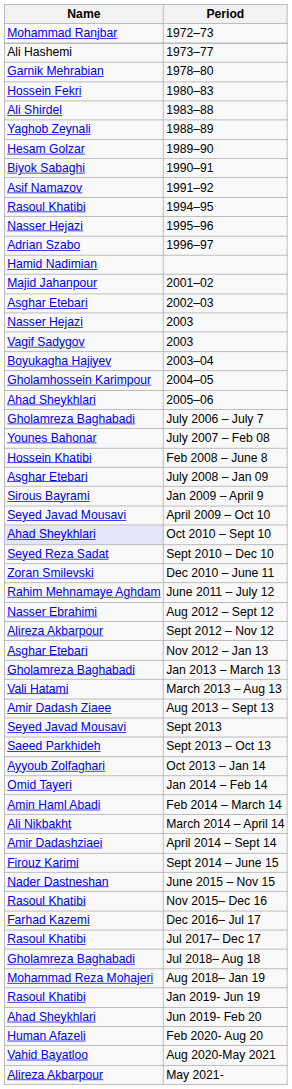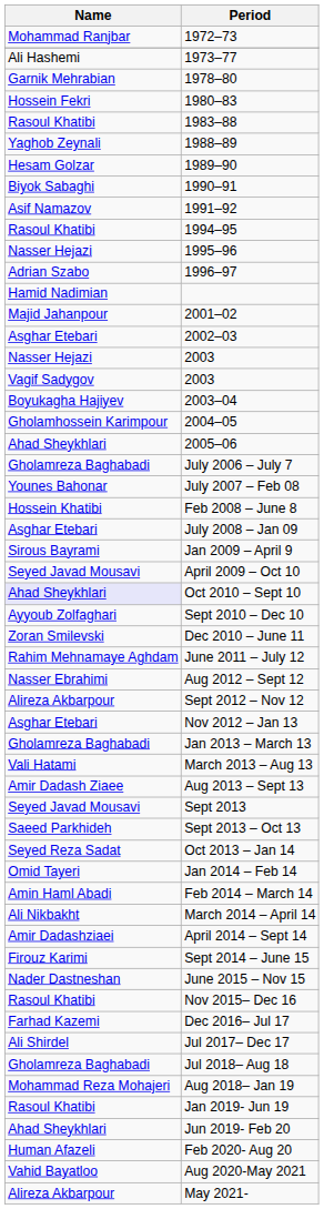 <table class="wikitable">
 <tr>
 <th>Name</th>
 <th>Period</th>
 </tr>
 <tr>
 <td> <a href='#'>Mohammad Ranjbar</a></td>
 <td>1972–73</td>
 </tr>
 <tr>
 </tr>
 <tr>
 <td> Ali Hashemi</td>
 <td>1973–77</td>
 </tr>
 <tr>
 <td> <a href='#'>Garnik Mehrabian</a></td>
 <td>1978–80</td>
 </tr>
 <tr>
 <td> <a href='#'>Hossein Fekri</a></td>
 <td>1980–83</td>
 </tr>
 <tr>
-<td> <a href='#'>Ali Shirdel</a></td>
+<td> <a href='#'>Rasoul Khatibi</a></td>
 <td>1983–88</td>
 </tr>
 <tr>
 <td> <a href='#'>Yaghob Zeynali</a></td>
 <td>1988–89</td>
 </tr>
 <tr>
 <td> <a href='#'>Hesam Golzar</a></td>
 <td>1989–90</td>
 </tr>
 <tr>
 <td> <a href='#'>Biyok Sabaghi</a></td>
 <td>1990–91</td>
 </tr>
 <tr>
 <td> <a href='#'>Asif Namazov</a></td>
 <td>1991–92</td>
 </tr>
 <tr>
 <td> <a href='#'>Rasoul Khatibi</a></td>
 <td>1994–95</td>
 </tr>
 <tr>
 <td> <a href='#'>Nasser Hejazi</a></td>
 <td>1995–96</td>
 </tr>
 <tr>
 <td> <a href='#'>Adrian Szabo</a></td>
 <td>1996–97</td>
 </tr>
 <tr>
 <td> <a href='#'>Hamid Nadimian</a></td>
 <td></td>
 </tr>
 <tr>
 <td> <a href='#'>Majid Jahanpour</a></td>
 <td>2001–02</td>
 </tr>
 <tr>
 <td> <a href='#'>Asghar Etebari</a></td>
 <td>2002–03</td>
 </tr>
 <tr>
 <td> <a href='#'>Nasser Hejazi</a></td>
 <td>2003</td>
 </tr>
 <tr>
 <td> <a href='#'>Vagif Sadygov</a></td>
 <td>2003</td>
 </tr>
 <tr>
 <td> <a href='#'>Boyukagha Hajiyev</a></td>
 <td>2003–04</td>
 </tr>
 <tr>
 <td> <a href='#'>Gholamhossein Karimpour</a></td>
 <td>2004–05</td>
 </tr>
 <tr>
 <td> <a href='#'>Ahad Sheykhlari</a></td>
 <td>2005–06</td>
 </tr>
 <tr>
 <td> <a href='#'>Gholamreza Baghabadi</a></td>
 <td>July 2006 – July 7</td>
 </tr>
 <tr>
 <td> <a href='#'>Younes Bahonar</a></td>
 <td>July 2007 – Feb 08</td>
 </tr>
 <tr>
 <td> <a href='#'>Hossein Khatibi</a></td>
 <td>Feb 2008 – June 8</td>
 </tr>
 <tr>
 <td> <a href='#'>Asghar Etebari</a></td>
 <td>July 2008 – Jan 09</td>
 </tr>
 <tr>
 <td> <a href='#'>Sirous Bayrami</a></td>
 <td>Jan 2009 – April 9</td>
 </tr>
 <tr>
 <td> <a href='#'>Seyed Javad Mousavi</a></td>
 <td>April 2009 – Oct 10</td>
 </tr>
 <tr>
 <td style="background: lavender;"> <a href='#'>Ahad Sheykhlari</a></td>
 <td>Oct 2010 – Sept 10</td>
 </tr>
 <tr>
-<td> <a href='#'>Seyed Reza Sadat</a></td>
+<td> <a href='#'>Ayyoub Zolfaghari</a></td>
 <td>Sept 2010 – Dec 10</td>
 </tr>
 <tr>
 <td> <a href='#'>Zoran Smilevski</a></td>
 <td>Dec 2010 – June 11</td>
 </tr>
 <tr>
 <td> <a href='#'>Rahim Mehnamaye Aghdam</a></td>
 <td>June 2011 – July 12</td>
 </tr>
 <tr>
 <td> <a href='#'>Nasser Ebrahimi</a></td>
 <td>Aug 2012 – Sept 12</td>
 </tr>
 <tr>
 <td> <a href='#'>Alireza Akbarpour</a></td>
 <td>Sept 2012 – Nov 12</td>
 </tr>
 <tr>
 <td> <a href='#'>Asghar Etebari</a></td>
 <td>Nov 2012 – Jan 13</td>
 </tr>
 <tr>
 <td> <a href='#'>Gholamreza Baghabadi</a></td>
 <td>Jan 2013 – March 13</td>
 </tr>
 <tr>
 <td> <a href='#'>Vali Hatami</a></td>
 <td>March 2013 – Aug 13</td>
 </tr>
 <tr>
 <td> <a href='#'>Amir Dadash Ziaee</a></td>
 <td>Aug 2013 – Sept 13</td>
 </tr>
 <tr>
 <td> <a href='#'>Seyed Javad Mousavi</a></td>
 <td>Sept 2013</td>
 </tr>
 <tr>
 <td> <a href='#'>Saeed Parkhideh</a></td>
 <td>Sept 2013 – Oct 13</td>
 </tr>
 <tr>
-<td> <a href='#'>Ayyoub Zolfaghari</a></td>
+<td> <a href='#'>Seyed Reza Sadat</a></td>
 <td>Oct 2013 – Jan 14</td>
 </tr>
 <tr>
 <td> <a href='#'>Omid Tayeri</a></td>
 <td>Jan 2014 – Feb 14</td>
 </tr>
 <tr>
 <td> <a href='#'>Amin Haml Abadi</a></td>
 <td>Feb 2014 – March 14</td>
 </tr>
 <tr>
 <td> <a href='#'>Ali Nikbakht</a></td>
 <td>March 2014 – April 14</td>
 </tr>
 <tr>
 <td> <a href='#'>Amir Dadashziaei</a></td>
 <td>April 2014 – Sept 14</td>
 </tr>
 <tr>
 <td> <a href='#'>Firouz Karimi</a></td>
 <td>Sept 2014 – June 15</td>
 </tr>
 <tr>
 <td> <a href='#'>Nader Dastneshan</a></td>
 <td>June 2015 – Nov 15</td>
 </tr>
 <tr>
 <td> <a href='#'>Rasoul Khatibi</a></td>
 <td>Nov 2015– Dec 16</td>
 </tr>
 <tr>
 <td> <a href='#'>Farhad Kazemi</a></td>
 <td>Dec 2016– Jul 17</td>
 </tr>
 <tr>
-<td> <a href='#'>Rasoul Khatibi</a></td>
+<td> <a href='#'>Ali Shirdel</a></td>
 <td>Jul 2017– Dec 17</td>
 </tr>
 <tr>
 <td> <a href='#'>Gholamreza Baghabadi</a></td>
 <td>Jul 2018– Aug 18</td>
 </tr>
 <tr>
 <td> <a href='#'>Mohammad Reza Mohajeri</a></td>
 <td>Aug 2018– Jan 19</td>
 </tr>
 <tr>
 <td> <a href='#'>Rasoul Khatibi</a></td>
 <td>Jan 2019- Jun 19</td>
 </tr>
 <tr>
 <td> <a href='#'>Ahad Sheykhlari</a></td>
 <td>Jun 2019- Feb 20</td>
 </tr>
 <tr>
 <td> <a href='#'>Human Afazeli</a></td>
 <td>Feb 2020- Aug 20</td>
 </tr>
 <tr>
 <td> <a href='#'>Vahid Bayatloo</a></td>
 <td>Aug 2020-May 2021</td>
 </tr>
 <tr>
 <td> <a href='#'>Alireza Akbarpour</a></td>
 <td>May 2021-</td>
 </tr>
 </table>
